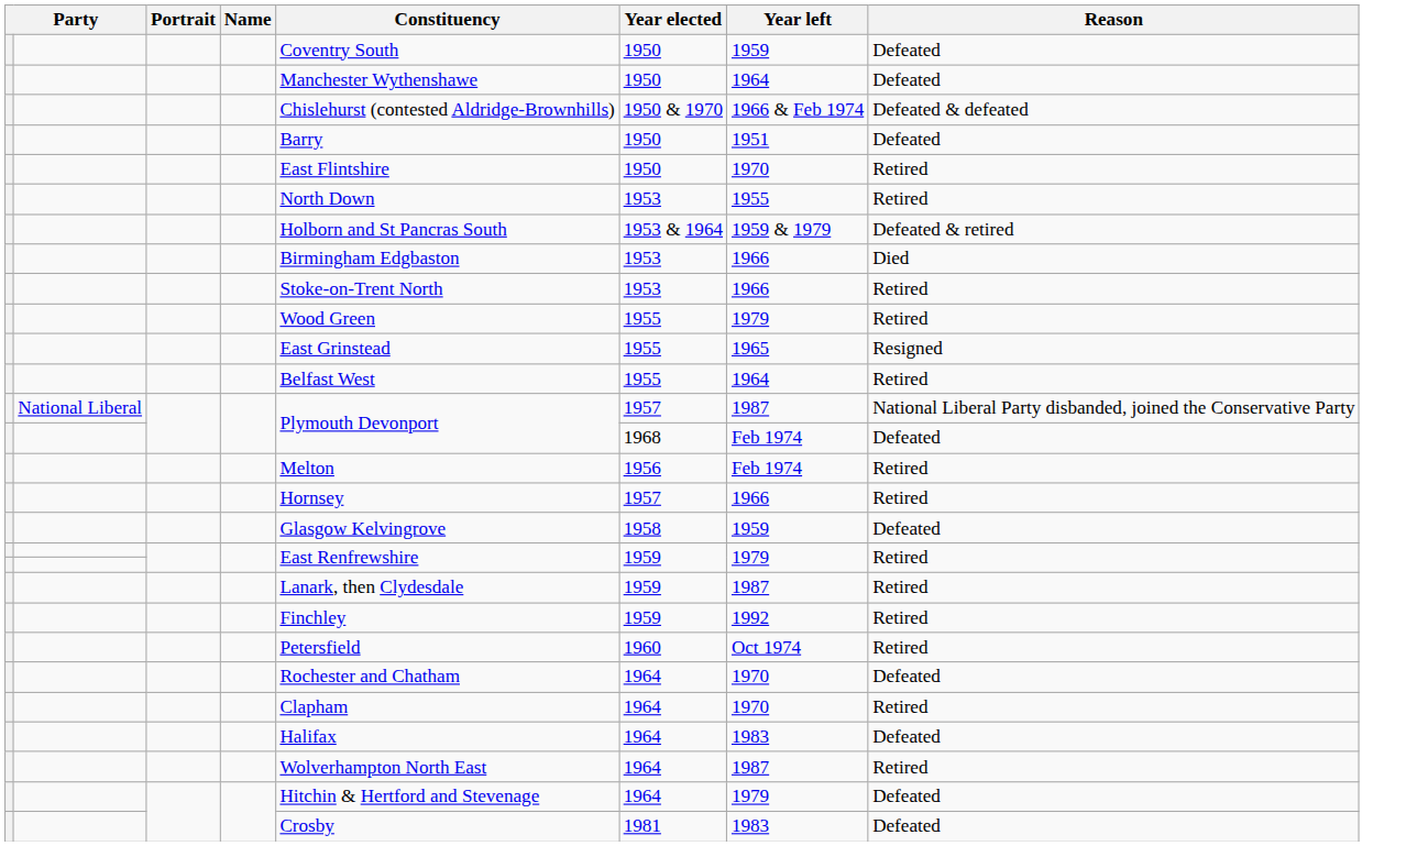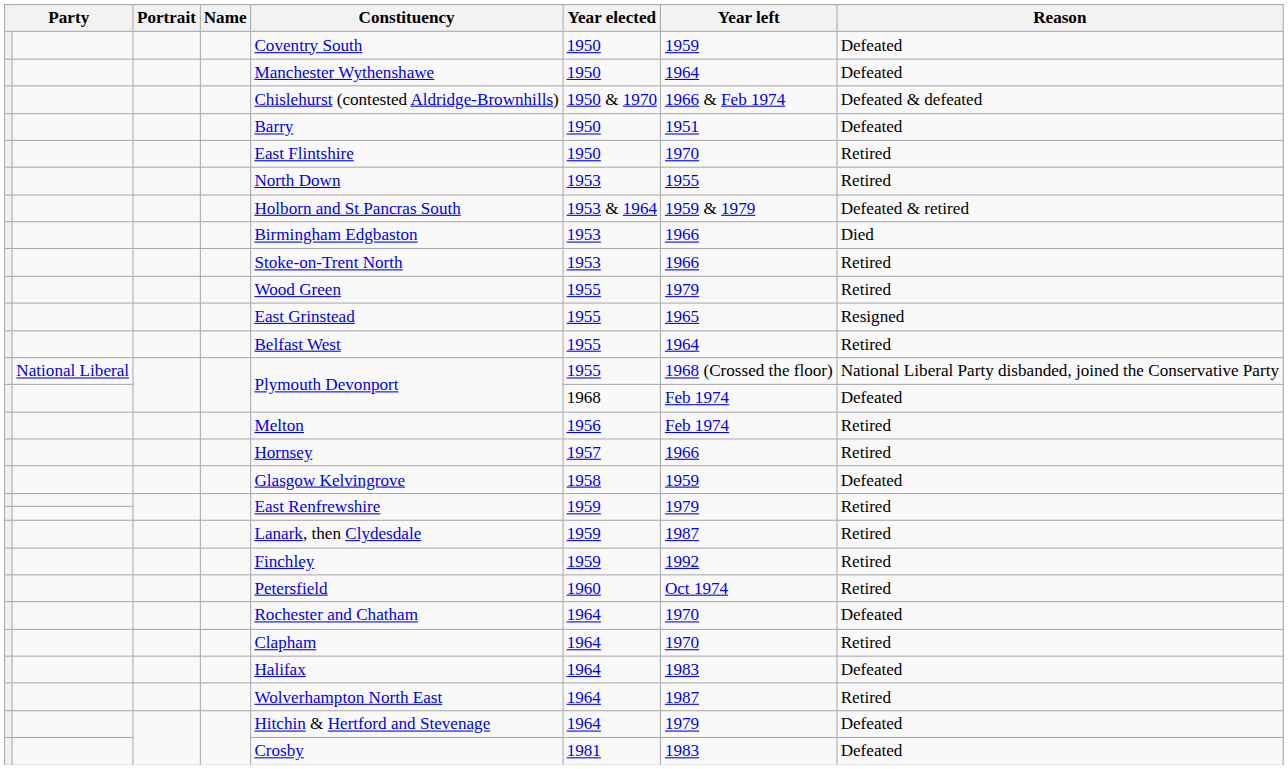 <table class="wikitable sortable">
 <tr>
 <th colspan=2>Party</th>
 <th>Portrait</th>
 <th>Name</th>
 <th>Constituency</th>
 <th>Year elected</th>
 <th>Year left</th>
 <th>Reason</th>
 </tr>
 <tr>
 <th style="background-color: "></th>
 <td></td>
 <td></td>
 <td></td>
 <td><a href='#'>Coventry South</a></td>
 <td><a href='#'>1950</a></td>
 <td><a href='#'>1959</a></td>
 <td>Defeated</td>
 </tr>
 <tr>
 <th style="background-color: "></th>
 <td></td>
 <td></td>
 <td></td>
 <td><a href='#'>Manchester Wythenshawe</a></td>
 <td><a href='#'>1950</a></td>
 <td><a href='#'>1964</a></td>
 <td>Defeated</td>
 </tr>
 <tr>
 <th style="background-color: "></th>
 <td></td>
 <td></td>
 <td></td>
 <td><a href='#'>Chislehurst</a> (contested <a href='#'>Aldridge-Brownhills</a>)</td>
 <td><a href='#'>1950</a> & <a href='#'>1970</a></td>
 <td><a href='#'>1966</a> & <a href='#'>Feb 1974</a></td>
 <td>Defeated & defeated</td>
 </tr>
 <tr>
 <th style="background-color: "></th>
 <td></td>
 <td></td>
 <td></td>
 <td><a href='#'>Barry</a></td>
 <td><a href='#'>1950</a></td>
 <td><a href='#'>1951</a></td>
 <td>Defeated</td>
 </tr>
 <tr>
 <th style="background-color: "></th>
 <td></td>
 <td></td>
 <td></td>
 <td><a href='#'>East Flintshire</a></td>
 <td><a href='#'>1950</a></td>
 <td><a href='#'>1970</a></td>
 <td>Retired</td>
 </tr>
 <tr>
 <th style="background-color: "></th>
 <td></td>
 <td></td>
 <td></td>
 <td><a href='#'>North Down</a></td>
 <td><a href='#'>1953</a></td>
 <td><a href='#'>1955</a></td>
 <td>Retired</td>
 </tr>
 <tr>
 <th style="background-color: "></th>
 <td></td>
 <td></td>
 <td></td>
 <td><a href='#'>Holborn and St Pancras South</a></td>
 <td><a href='#'>1953</a> & <a href='#'>1964</a></td>
 <td><a href='#'>1959</a> & <a href='#'>1979</a></td>
 <td>Defeated & retired</td>
 </tr>
 <tr>
 <th style="background-color: "></th>
 <td></td>
 <td></td>
 <td></td>
 <td><a href='#'>Birmingham Edgbaston</a></td>
 <td><a href='#'>1953</a></td>
 <td><a href='#'>1966</a></td>
 <td>Died</td>
 </tr>
 <tr>
 <th style="background-color: "></th>
 <td></td>
 <td></td>
 <td></td>
 <td><a href='#'>Stoke-on-Trent North</a></td>
 <td><a href='#'>1953</a></td>
 <td><a href='#'>1966</a></td>
 <td>Retired</td>
 </tr>
 <tr>
 <th style="background-color: "></th>
 <td></td>
 <td></td>
 <td></td>
 <td><a href='#'>Wood Green</a></td>
 <td><a href='#'>1955</a></td>
 <td><a href='#'>1979</a></td>
 <td>Retired</td>
 </tr>
 <tr>
 <th style="background-color: "></th>
 <td></td>
 <td></td>
 <td></td>
 <td><a href='#'>East Grinstead</a></td>
 <td><a href='#'>1955</a></td>
 <td><a href='#'>1965</a></td>
 <td>Resigned</td>
 </tr>
 <tr>
 <th style="background-color: "></th>
 <td></td>
 <td></td>
 <td></td>
 <td><a href='#'>Belfast West</a></td>
 <td><a href='#'>1955</a></td>
 <td><a href='#'>1964</a></td>
 <td>Retired</td>
 </tr>
 <tr>
 <th style="background-color: "></th>
 <td><a href='#'>National Liberal</a></td>
 <td rowspan=2></td>
 <td rowspan=2></td>
 <td rowspan=2><a href='#'>Plymouth Devonport</a></td>
-<td><a href='#'>1957</a></td>
-<td><a href='#'>1987</a></td>
+<td><a href='#'>1955</a></td>
+<td><a href='#'>1968</a> (Crossed the floor)</td>
 <td>National Liberal Party disbanded, joined the Conservative Party</td>
 </tr>
 <tr>
 <th style="background-color: "></th>
 <td></td>
 <td>1968</td>
 <td><a href='#'>Feb 1974</a></td>
 <td>Defeated</td>
 </tr>
 <tr>
 <th style="background-color: "></th>
 <td></td>
 <td></td>
 <td></td>
 <td><a href='#'>Melton</a></td>
 <td><a href='#'>1956</a></td>
 <td><a href='#'>Feb 1974</a></td>
 <td>Retired</td>
 </tr>
 <tr>
 <th style="background-color: "></th>
 <td></td>
 <td></td>
 <td></td>
 <td><a href='#'>Hornsey</a></td>
 <td><a href='#'>1957</a></td>
 <td><a href='#'>1966</a></td>
 <td>Retired</td>
 </tr>
 <tr>
 <th style="background-color: "></th>
 <td></td>
 <td></td>
 <td></td>
 <td><a href='#'>Glasgow Kelvingrove</a></td>
 <td><a href='#'>1958</a></td>
 <td><a href='#'>1959</a></td>
 <td>Defeated</td>
 </tr>
 <tr>
 <th style="background-color: "></th>
 <td></td>
 <td rowspan=2></td>
 <td rowspan=2></td>
 <td rowspan=2><a href='#'>East Renfrewshire</a></td>
 <td rowspan=2><a href='#'>1959</a></td>
 <td rowspan=2><a href='#'>1979</a></td>
 <td rowspan=2>Retired</td>
 </tr>
 <tr>
 <th style="background-color: "></th>
 <td></td>
 </tr>
 <tr>
 <th style="background-color: "></th>
 <td></td>
 <td></td>
 <td></td>
 <td><a href='#'>Lanark</a>, then <a href='#'>Clydesdale</a></td>
 <td><a href='#'>1959</a></td>
 <td><a href='#'>1987</a></td>
 <td>Retired</td>
 </tr>
 <tr>
 <th style="background-color: "></th>
 <td></td>
 <td></td>
 <td></td>
 <td><a href='#'>Finchley</a></td>
 <td><a href='#'>1959</a></td>
 <td><a href='#'>1992</a></td>
 <td>Retired</td>
 </tr>
 <tr>
 <th style="background-color: "></th>
 <td></td>
 <td></td>
 <td></td>
 <td><a href='#'>Petersfield</a></td>
 <td><a href='#'>1960</a></td>
 <td><a href='#'>Oct 1974</a></td>
 <td>Retired</td>
 </tr>
 <tr>
 <th style="background-color: "></th>
 <td></td>
 <td></td>
 <td></td>
 <td><a href='#'>Rochester and Chatham</a></td>
 <td><a href='#'>1964</a></td>
 <td><a href='#'>1970</a></td>
 <td>Defeated</td>
 </tr>
 <tr>
 <th style="background-color: "></th>
 <td></td>
 <td></td>
 <td></td>
 <td><a href='#'>Clapham</a></td>
 <td><a href='#'>1964</a></td>
 <td><a href='#'>1970</a></td>
 <td>Retired</td>
 </tr>
 <tr>
 <th style="background-color: "></th>
 <td></td>
 <td></td>
 <td></td>
 <td><a href='#'>Halifax</a></td>
 <td><a href='#'>1964</a></td>
 <td><a href='#'>1983</a></td>
 <td>Defeated</td>
 </tr>
 <tr>
 <th style="background-color: "></th>
 <td></td>
 <td></td>
 <td></td>
 <td><a href='#'>Wolverhampton North East</a></td>
 <td><a href='#'>1964</a></td>
 <td><a href='#'>1987</a></td>
 <td>Retired</td>
 </tr>
 <tr>
 <th style="background-color: "></th>
 <td></td>
 <td rowspan=2></td>
 <td rowspan=2></td>
 <td><a href='#'>Hitchin</a> & <a href='#'>Hertford and Stevenage</a></td>
 <td><a href='#'>1964</a></td>
 <td><a href='#'>1979</a></td>
 <td>Defeated</td>
 </tr>
 <tr>
 <th style="background-color: "></th>
 <td></td>
 <td><a href='#'>Crosby</a></td>
 <td><a href='#'>1981</a></td>
 <td><a href='#'>1983</a></td>
 <td>Defeated</td>
 </tr>
 </table>
